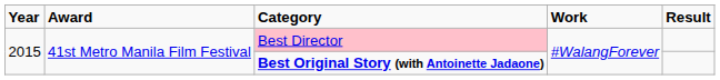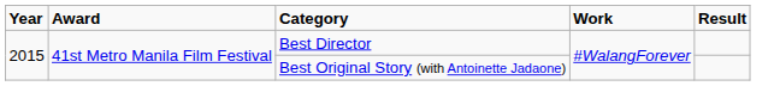 <table class="wikitable" style="font-size: 95%;">
 <tr>
 <td><strong>Year</strong></td>
 <td><strong>Award</strong></td>
 <td><strong>Category</strong></td>
 <td><strong>Work</strong></td>
 <td><strong>Result</strong></td>
 </tr>
 <tr>
 <td rowspan=2>2015</td>
 <td rowspan=2><a href='#'>41st Metro Manila Film Festival</a></td>
-<td style="background: pink;"><a href='#'>Best Director</a></td>
+<td><a href='#'>Best Director</a></td>
 <td rowspan=2><em><a href='#'>#WalangForever</a></em></td>
 <td></td>
 </tr>
 <tr>
-<td><strong><a href='#'>Best Original Story</a> <small>(with <a href='#'>Antoinette Jadaone</a>)</small></strong></td>
+<td><a href='#'>Best Original Story</a> <small>(with <a href='#'>Antoinette Jadaone</a>)</small></td>
 <td></td>
 </tr>
 </table>
